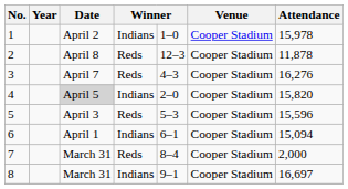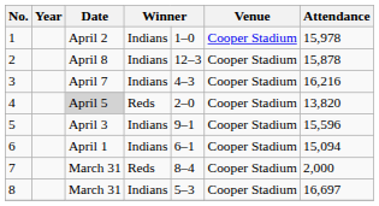 <table class="wikitable">
 <tr>
 <th>No.</th>
 <th>Year</th>
 <th>Date</th>
 <th colspan="2">Winner</th>
 <th>Venue</th>
 <th>Attendance</th>
 </tr>
 <tr>
 <td>1</td>
 <td></td>
 <td>April 2</td>
 <td>Indians</td>
 <td>1–0</td>
 <td><a href='#'>Cooper Stadium</a></td>
 <td>15,978</td>
 </tr>
 <tr>
 <td>2</td>
 <td></td>
 <td>April 8</td>
-<td>Reds</td>
+<td>Indians</td>
 <td>12–3</td>
 <td>Cooper Stadium</td>
-<td>11,878</td>
+<td>15,878</td>
 </tr>
 <tr>
 <td>3</td>
 <td></td>
 <td>April 7</td>
-<td>Reds</td>
+<td>Indians</td>
 <td>4–3</td>
 <td>Cooper Stadium</td>
-<td>16,276</td>
+<td>16,216</td>
 </tr>
 <tr>
 <td>4</td>
 <td></td>
 <td style="background: lightgrey;">April 5</td>
-<td>Indians</td>
+<td>Reds</td>
 <td>2–0</td>
 <td>Cooper Stadium</td>
-<td>15,820</td>
+<td>13,820</td>
 </tr>
 <tr>
 <td>5</td>
 <td></td>
 <td>April 3</td>
-<td>Reds</td>
-<td>5–3</td>
+<td>Indians</td>
+<td>9–1</td>
 <td>Cooper Stadium</td>
 <td>15,596</td>
 </tr>
 <tr>
 <td>6</td>
 <td></td>
 <td>April 1</td>
 <td>Indians</td>
 <td>6–1</td>
 <td>Cooper Stadium</td>
 <td>15,094</td>
 </tr>
 <tr>
 <td>7</td>
 <td></td>
 <td>March 31</td>
 <td>Reds</td>
 <td>8–4</td>
 <td>Cooper Stadium</td>
 <td>2,000</td>
 </tr>
 <tr>
 <td>8</td>
 <td></td>
 <td>March 31</td>
 <td>Indians</td>
-<td>9–1</td>
+<td>5–3</td>
 <td>Cooper Stadium</td>
 <td>16,697</td>
 </tr>
 <tr>
 </tr>
 </table>
